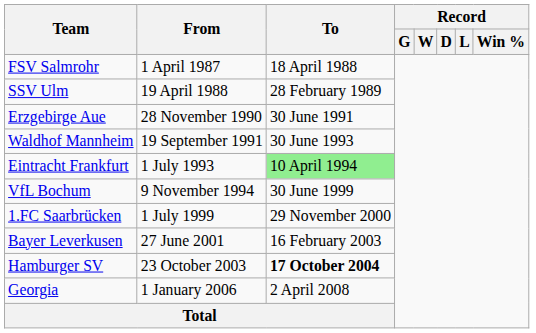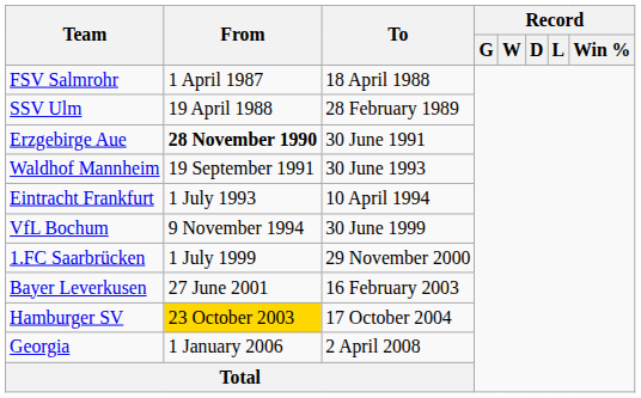 <table class="wikitable" style="text-align: center">
 <tr>
 <th rowspan="2">Team</th>
 <th rowspan="2">From</th>
 <th rowspan="2">To</th>
 <th colspan="6">Record</th>
 </tr>
 <tr>
 <th>G</th>
 <th>W</th>
 <th>D</th>
 <th>L</th>
 <th>Win %</th>
 </tr>
 <tr>
 <td align=left><a href='#'>FSV Salmrohr</a></td>
 <td align=left>1 April 1987</td>
 <td align=left>18 April 1988<br></td>
 </tr>
 <tr>
 <td align=left><a href='#'>SSV Ulm</a></td>
 <td align=left>19 April 1988</td>
 <td align=left>28 February 1989<br></td>
 </tr>
 <tr>
 <td align=left><a href='#'>Erzgebirge Aue</a></td>
-<td align=left>28 November 1990</td>
+<td align=left><strong>28 November 1990</strong></td>
 <td align=left>30 June 1991<br></td>
 </tr>
 <tr>
 <td align=left><a href='#'>Waldhof Mannheim</a></td>
 <td align=left>19 September 1991</td>
 <td align=left>30 June 1993<br></td>
 </tr>
 <tr>
 <td align=left><a href='#'>Eintracht Frankfurt</a></td>
 <td align=left>1 July 1993</td>
-<td align=left style="background: lightgreen;">10 April 1994<br></td>
+<td align=left>10 April 1994<br></td>
 </tr>
 <tr>
 <td align=left><a href='#'>VfL Bochum</a></td>
 <td align=left>9 November 1994</td>
 <td align=left>30 June 1999<br></td>
 </tr>
 <tr>
 <td align=left><a href='#'>1.FC Saarbrücken</a></td>
 <td align=left>1 July 1999</td>
 <td align=left>29 November 2000<br></td>
 </tr>
 <tr>
 <td align=left><a href='#'>Bayer Leverkusen</a></td>
 <td align=left>27 June 2001</td>
 <td align=left>16 February 2003<br></td>
 </tr>
 <tr>
 <td align=left><a href='#'>Hamburger SV</a></td>
-<td align=left>23 October 2003</td>
-<td align=left><strong>17 October 2004<br></strong></td>
+<td align=left style="background: gold;">23 October 2003</td>
+<td align=left>17 October 2004<br></td>
 </tr>
 <tr>
 <td align=left><a href='#'>Georgia</a></td>
 <td align=left>1 January 2006</td>
 <td align=left>2 April 2008<br></td>
 </tr>
 <tr>
 <th colspan="3">Total<br></th>
 </tr>
 </table>
